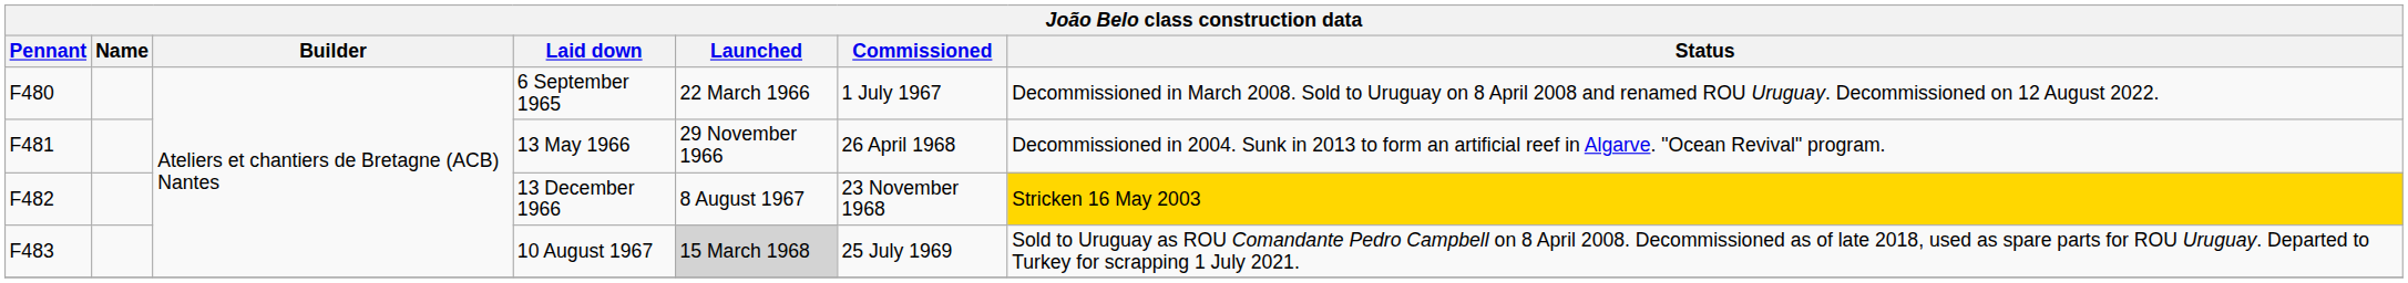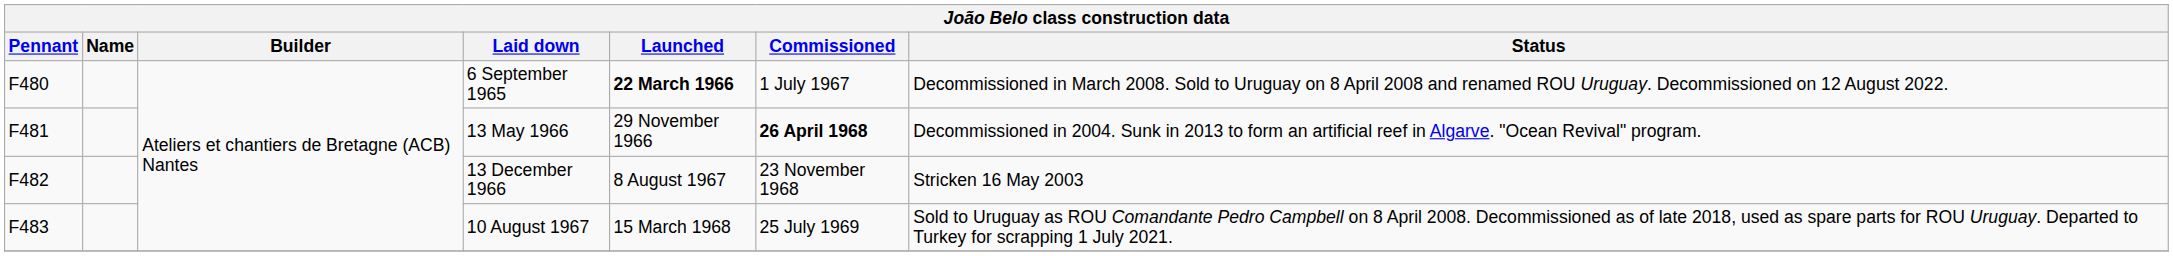 <table class="wikitable">
 <tr>
 <th colspan="7"><em>João Belo</em> class construction data</th>
 </tr>
 <tr>
 <th scope="col"><a href='#'>Pennant</a></th>
 <th scope="col">Name</th>
 <th scope="col">Builder</th>
 <th scope="col"><a href='#'>Laid down</a></th>
 <th scope="col"><a href='#'>Launched</a></th>
 <th scope="col"><a href='#'>Commissioned</a></th>
 <th scope="col">Status</th>
 </tr>
 <tr>
 <td scope="row">F480</td>
 <td></td>
 <td rowspan="4">Ateliers et chantiers de Bretagne (ACB) Nantes</td>
 <td>6 September 1965</td>
-<td>22 March 1966</td>
+<td><strong>22 March 1966</strong></td>
 <td>1 July 1967</td>
 <td>Decommissioned in March 2008. Sold to Uruguay on 8 April 2008 and renamed ROU <em>Uruguay</em>. Decommissioned on 12 August 2022.</td>
 </tr>
 <tr>
 <td scope="row">F481</td>
 <td></td>
 <td>13 May 1966</td>
 <td>29 November 1966</td>
-<td>26 April 1968</td>
+<td><strong>26 April 1968</strong></td>
 <td>Decommissioned in 2004. Sunk in 2013 to form an artificial reef in <a href='#'>Algarve</a>. "Ocean Revival" program.</td>
 </tr>
 <tr>
 <td scope="row">F482</td>
 <td></td>
 <td>13 December 1966</td>
 <td>8 August 1967</td>
 <td>23 November 1968</td>
-<td style="background: gold;">Stricken 16 May 2003</td>
+<td>Stricken 16 May 2003</td>
 </tr>
 <tr>
 <td scope="row">F483</td>
 <td></td>
 <td>10 August 1967</td>
-<td style="background: lightgrey;">15 March 1968</td>
+<td>15 March 1968</td>
 <td>25 July 1969</td>
 <td>Sold to Uruguay as ROU <em>Comandante Pedro Campbell</em> on 8 April 2008. Decommissioned as of late 2018, used as spare parts for ROU <em>Uruguay</em>. Departed to Turkey for scrapping 1 July 2021.</td>
 </tr>
 <tr>
 </tr>
 </table>
